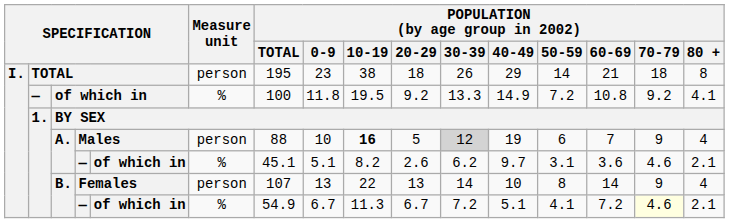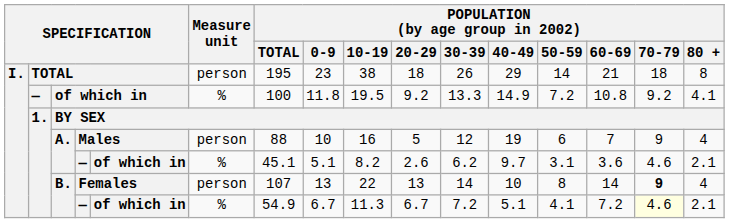 <table class="wikitable" style="font-size:85%; text-align:center">
 <tr>
 <th rowspan="2" colspan="5">SPECIFICATION</th>
 <th rowspan="2">Measure<br> unit</th>
 <th colspan="10" rowspan="1">POPULATION<br> (by age group in 2002)</th>
 </tr>
 <tr>
 <th>TOTAL</th>
 <th>0-9</th>
 <th>10-19</th>
 <th>20-29</th>
 <th>30-39</th>
 <th>40-49</th>
 <th>50-59</th>
 <th>60-69</th>
 <th>70-79</th>
 <th>80 +</th>
 </tr>
 <tr>
 <th style="text-align:left" valign="top" rowspan="7">I.</th>
 <th style="text-align:left" colspan="4">TOTAL</th>
 <td>person</td>
 <td>195</td>
 <td>23</td>
 <td>38</td>
 <td>18</td>
 <td>26</td>
 <td>29</td>
 <td>14</td>
 <td>21</td>
 <td>18</td>
 <td>8</td>
 </tr>
 <tr>
 <th style="text-align:left" valign="top">—</th>
 <th style="text-align:left" colspan="3">of which in</th>
 <td>%</td>
 <td>100</td>
 <td>11.8</td>
 <td>19.5</td>
 <td>9.2</td>
 <td>13.3</td>
 <td>14.9</td>
 <td>7.2</td>
 <td>10.8</td>
 <td>9.2</td>
 <td>4.1</td>
 </tr>
 <tr>
 <th style="text-align:left" valign="top" rowspan="5">1.</th>
 <th style="text-align:left" colspan="14">BY SEX</th>
 </tr>
 <tr>
 <th style="text-align:left" valign="top" rowspan="2">A.</th>
 <th style="text-align:left" colspan="2">Males</th>
 <td>person</td>
 <td>88</td>
 <td>10</td>
-<td><strong>16</strong></td>
+<td>16</td>
 <td>5</td>
-<td style="background: lightgrey;">12</td>
+<td>12</td>
 <td>19</td>
 <td>6</td>
 <td>7</td>
 <td>9</td>
 <td>4</td>
 </tr>
 <tr>
 <th style="text-align:left" valign="top">—</th>
 <th style="text-align:left" colspan="1">of which in</th>
 <td>%</td>
 <td>45.1</td>
 <td>5.1</td>
 <td>8.2</td>
 <td>2.6</td>
 <td>6.2</td>
 <td>9.7</td>
 <td>3.1</td>
 <td>3.6</td>
 <td>4.6</td>
 <td>2.1</td>
 </tr>
 <tr>
 <th style="text-align:left" valign="top" rowspan="2">B.</th>
 <th style="text-align:left" colspan="2">Females</th>
 <td>person</td>
 <td>107</td>
 <td>13</td>
 <td>22</td>
 <td>13</td>
 <td>14</td>
 <td>10</td>
 <td>8</td>
 <td>14</td>
-<td>9</td>
+<td><strong>9</strong></td>
 <td>4</td>
 </tr>
 <tr>
 <th style="text-align:left" valign="top">—</th>
 <th style="text-align:left" colspan="1">of which in</th>
 <td>%</td>
 <td>54.9</td>
 <td>6.7</td>
 <td>11.3</td>
 <td>6.7</td>
 <td>7.2</td>
 <td>5.1</td>
 <td>4.1</td>
 <td>7.2</td>
 <td style="background: lightyellow;">4.6</td>
 <td>2.1</td>
 </tr>
 </table>
